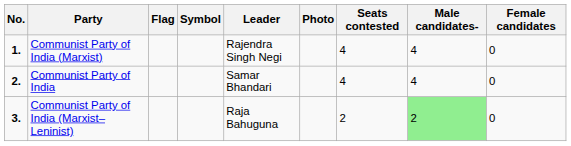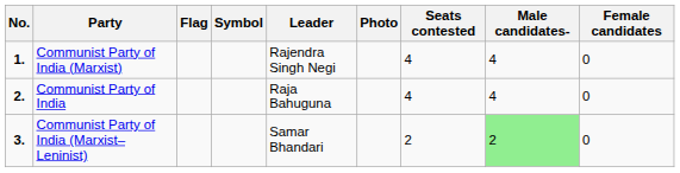 <table class="wikitable" width="50%">
 <tr>
 <th>No.</th>
 <th>Party</th>
 <th>Flag</th>
 <th>Symbol</th>
 <th>Leader</th>
 <th>Photo</th>
 <th>Seats contested</th>
 <th>Male candidates-</th>
 <th>Female candidates</th>
 </tr>
 <tr>
 <td style="text-align:center; background:"><strong>1.</strong></td>
 <td><a href='#'>Communist Party of India (Marxist)</a></td>
 <td></td>
 <td></td>
 <td>Rajendra Singh Negi</td>
 <td></td>
 <td>4</td>
 <td>4</td>
 <td>0</td>
 </tr>
 <tr>
 <td style="text-align:center; background:"><strong>2.</strong></td>
 <td><a href='#'>Communist Party of India</a></td>
 <td></td>
 <td></td>
-<td>Samar Bhandari</td>
+<td>Raja Bahuguna</td>
 <td></td>
 <td>4</td>
 <td>4</td>
 <td>0</td>
 </tr>
 <tr>
 <td style="text-align:center; background:"><strong>3.</strong></td>
 <td><a href='#'>Communist Party of India (Marxist–Leninist)</a></td>
 <td></td>
 <td></td>
-<td>Raja Bahuguna</td>
+<td>Samar Bhandari</td>
 <td></td>
 <td>2</td>
 <td style="background: lightgreen;">2</td>
 <td>0</td>
 </tr>
 </table>
